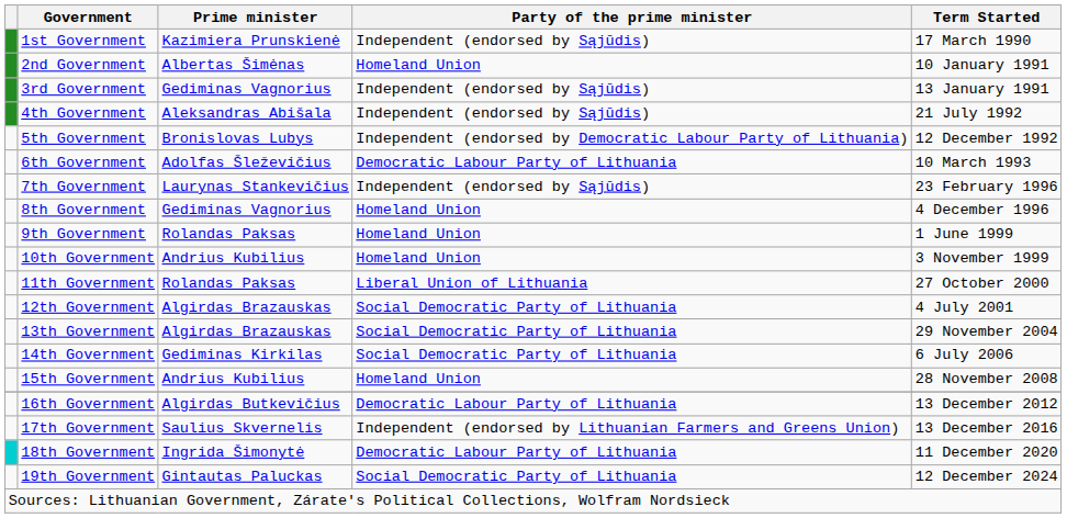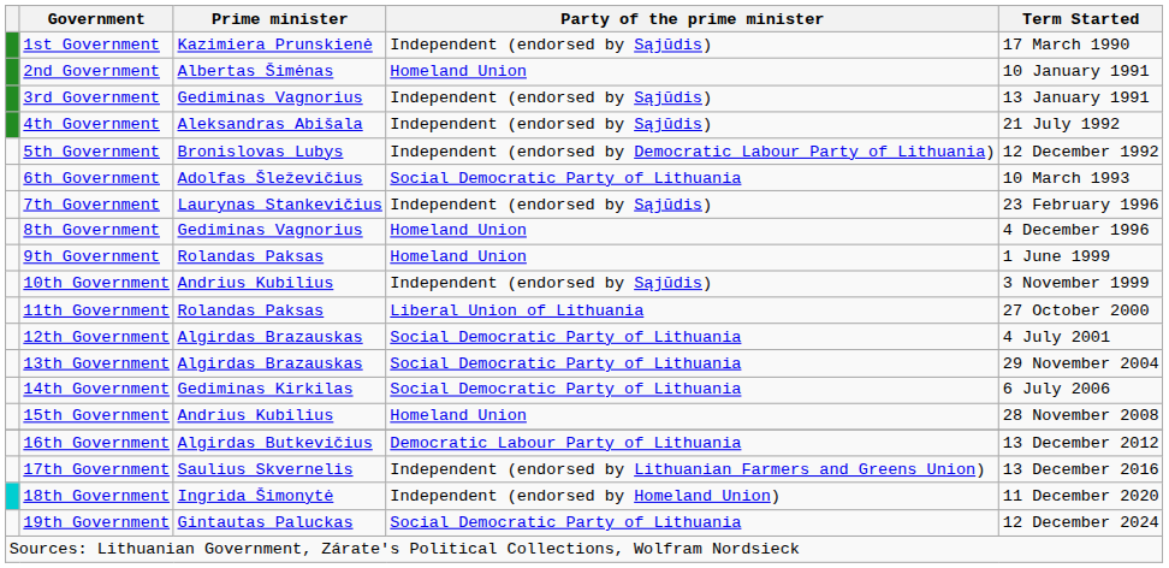 <table class="wikitable">
 <tr>
 <th></th>
 <th>Government</th>
 <th>Prime minister</th>
 <th>Party of the prime minister</th>
 <th>Term Started</th>
 </tr>
 <tr>
 <td width=5px style="background-color: #228B22"></td>
 <td><a href='#'>1st Government</a></td>
 <td><a href='#'>Kazimiera Prunskienė</a></td>
 <td>Independent (endorsed by <a href='#'>Sąjūdis</a>)</td>
 <td>17 March 1990</td>
 </tr>
 <tr>
 <td width=5px style="background-color: #228B22"></td>
 <td><a href='#'>2nd Government</a></td>
 <td><a href='#'>Albertas Šimėnas</a></td>
 <td><a href='#'>Homeland Union</a></td>
 <td>10 January 1991</td>
 </tr>
 <tr>
 <td width=5px style="background-color: #228B22"></td>
 <td><a href='#'>3rd Government</a></td>
 <td><a href='#'>Gediminas Vagnorius</a></td>
 <td>Independent (endorsed by <a href='#'>Sąjūdis</a>)</td>
 <td>13 January 1991</td>
 </tr>
 <tr>
 <td width=5px style="background-color: #228B22"></td>
 <td><a href='#'>4th Government</a></td>
 <td><a href='#'>Aleksandras Abišala</a></td>
 <td>Independent (endorsed by <a href='#'>Sąjūdis</a>)</td>
 <td>21 July 1992</td>
 </tr>
 <tr>
 <td width=5px style="background-color: "></td>
 <td><a href='#'>5th Government</a></td>
 <td><a href='#'>Bronislovas Lubys</a></td>
 <td>Independent (endorsed by <a href='#'>Democratic Labour Party of Lithuania</a>)</td>
 <td>12 December 1992</td>
 </tr>
 <tr>
 <td width=5px style="background-color: "></td>
 <td><a href='#'>6th Government</a></td>
 <td><a href='#'>Adolfas Šleževičius</a></td>
-<td><a href='#'>Democratic Labour Party of Lithuania</a></td>
+<td><a href='#'>Social Democratic Party of Lithuania</a></td>
 <td>10 March 1993</td>
 </tr>
 <tr>
 <td width=5px style="background-color: "></td>
 <td><a href='#'>7th Government</a></td>
 <td><a href='#'>Laurynas Stankevičius</a></td>
 <td>Independent (endorsed by <a href='#'>Sąjūdis</a>)</td>
 <td>23 February 1996</td>
 </tr>
 <tr>
 <td width=5px style="background-color: "></td>
 <td><a href='#'>8th Government</a></td>
 <td><a href='#'>Gediminas Vagnorius</a></td>
 <td><a href='#'>Homeland Union</a></td>
 <td>4 December 1996</td>
 </tr>
 <tr>
 <td width=5px style="background-color: "></td>
 <td><a href='#'>9th Government</a></td>
 <td><a href='#'>Rolandas Paksas</a></td>
 <td><a href='#'>Homeland Union</a></td>
 <td>1 June 1999</td>
 </tr>
 <tr>
 <td width=5px style="background-color: "></td>
 <td><a href='#'>10th Government</a></td>
 <td><a href='#'>Andrius Kubilius</a></td>
-<td><a href='#'>Homeland Union</a></td>
+<td>Independent (endorsed by <a href='#'>Sąjūdis</a>)</td>
 <td>3 November 1999</td>
 </tr>
 <tr>
 <td width=5px style="background-color: "></td>
 <td><a href='#'>11th Government</a></td>
 <td><a href='#'>Rolandas Paksas</a></td>
 <td><a href='#'>Liberal Union of Lithuania</a></td>
 <td>27 October 2000</td>
 </tr>
 <tr>
 <td width=5px style="background-color: "></td>
 <td><a href='#'>12th Government</a></td>
 <td><a href='#'>Algirdas Brazauskas</a></td>
 <td><a href='#'>Social Democratic Party of Lithuania</a></td>
 <td>4 July 2001</td>
 </tr>
 <tr>
 <td width=5px style="background-color: "></td>
 <td><a href='#'>13th Government</a></td>
 <td><a href='#'>Algirdas Brazauskas</a></td>
 <td><a href='#'>Social Democratic Party of Lithuania</a></td>
 <td>29 November 2004</td>
 </tr>
 <tr>
 <td width=5px style="background-color: "></td>
 <td><a href='#'>14th Government</a></td>
 <td><a href='#'>Gediminas Kirkilas</a></td>
 <td><a href='#'>Social Democratic Party of Lithuania</a></td>
 <td>6 July 2006</td>
 </tr>
 <tr>
 <td width=5px style="background-color: "></td>
 <td><a href='#'>15th Government</a></td>
 <td><a href='#'>Andrius Kubilius</a></td>
 <td><a href='#'>Homeland Union</a></td>
 <td>28 November 2008</td>
 </tr>
 <tr>
 </tr>
 <tr>
 <td width=5px style="background-color: "></td>
 <td><a href='#'>16th Government</a></td>
 <td><a href='#'>Algirdas Butkevičius</a></td>
 <td><a href='#'>Democratic Labour Party of Lithuania</a></td>
 <td>13 December 2012</td>
 </tr>
 <tr>
 <td width=5px style="background-color: "></td>
 <td><a href='#'>17th Government</a></td>
 <td><a href='#'>Saulius Skvernelis</a></td>
 <td>Independent (endorsed by <a href='#'>Lithuanian Farmers and Greens Union</a>)</td>
 <td>13 December 2016</td>
 </tr>
 <tr>
 <td width=5px style="background-color: #00CED1"></td>
 <td><a href='#'>18th Government</a></td>
 <td><a href='#'>Ingrida Šimonytė</a></td>
-<td><a href='#'>Democratic Labour Party of Lithuania</a></td>
+<td>Independent (endorsed by <a href='#'>Homeland Union</a>)</td>
 <td>11 December 2020</td>
 </tr>
 <tr>
 <td width=5px style="background-color: "></td>
 <td><a href='#'>19th Government</a></td>
 <td><a href='#'>Gintautas Paluckas</a></td>
 <td><a href='#'>Social Democratic Party of Lithuania</a></td>
 <td>12 December 2024</td>
 </tr>
 <tr>
 <td colspan=5>Sources: Lithuanian Government, Zárate's Political Collections, Wolfram Nordsieck</td>
 </tr>
 </table>
